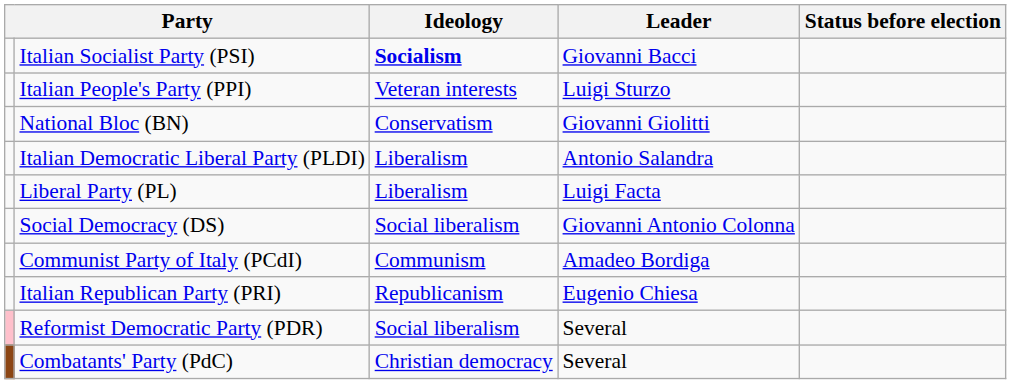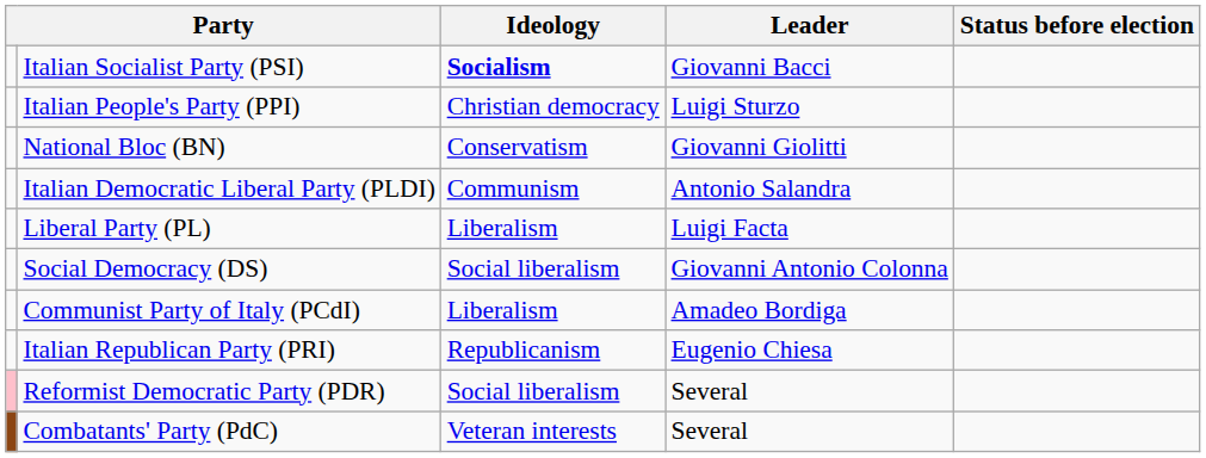 <table class=wikitable>
 <tr>
 <th colspan=2>Party</th>
 <th>Ideology</th>
 <th>Leader</th>
 <th>Status before election</th>
 </tr>
 <tr>
 <td style="color:inherit;background:"></td>
 <td><a href='#'>Italian Socialist Party</a> (PSI)</td>
 <td><strong><a href='#'>Socialism</a></strong></td>
 <td><a href='#'>Giovanni Bacci</a></td>
 <td></td>
 </tr>
 <tr>
 <td style="color:inherit;background:"></td>
 <td><a href='#'>Italian People's Party</a> (PPI)</td>
-<td><a href='#'>Veteran interests</a></td>
+<td><a href='#'>Christian democracy</a></td>
 <td><a href='#'>Luigi Sturzo</a></td>
 <td></td>
 </tr>
 <tr>
 <td style="color:inherit;background:"></td>
 <td><a href='#'>National Bloc</a> (BN)</td>
 <td><a href='#'>Conservatism</a></td>
 <td><a href='#'>Giovanni Giolitti</a></td>
 <td></td>
 </tr>
 <tr>
 <td style="color:inherit;background:"></td>
 <td><a href='#'>Italian Democratic Liberal Party</a> (PLDI)</td>
-<td><a href='#'>Liberalism</a></td>
+<td><a href='#'>Communism</a></td>
 <td><a href='#'>Antonio Salandra</a></td>
 <td></td>
 </tr>
 <tr>
 <td style="color:inherit;background:"></td>
 <td><a href='#'>Liberal Party</a> (PL)</td>
 <td><a href='#'>Liberalism</a></td>
 <td><a href='#'>Luigi Facta</a></td>
 <td></td>
 </tr>
 <tr>
 <td style="color:inherit;background:"></td>
 <td><a href='#'>Social Democracy</a> (DS)</td>
 <td><a href='#'>Social liberalism</a></td>
 <td><a href='#'>Giovanni Antonio Colonna</a></td>
 <td></td>
 </tr>
 <tr>
 <td style="color:inherit;background:"></td>
 <td><a href='#'>Communist Party of Italy</a> (PCdI)</td>
-<td><a href='#'>Communism</a></td>
+<td><a href='#'>Liberalism</a></td>
 <td><a href='#'>Amadeo Bordiga</a></td>
 <td></td>
 </tr>
 <tr>
 <td style="color:inherit;background:"></td>
 <td><a href='#'>Italian Republican Party</a> (PRI)</td>
 <td><a href='#'>Republicanism</a></td>
 <td><a href='#'>Eugenio Chiesa</a></td>
 <td></td>
 </tr>
 <tr>
 <td style="color:inherit;background:pink"></td>
 <td><a href='#'>Reformist Democratic Party</a> (PDR)</td>
 <td><a href='#'>Social liberalism</a></td>
 <td>Several</td>
 <td></td>
 </tr>
 <tr>
 <td style="color:inherit;background:#8B4513"></td>
 <td><a href='#'>Combatants' Party</a> (PdC)</td>
-<td><a href='#'>Christian democracy</a></td>
+<td><a href='#'>Veteran interests</a></td>
 <td>Several</td>
 <td></td>
 </tr>
 </table>
